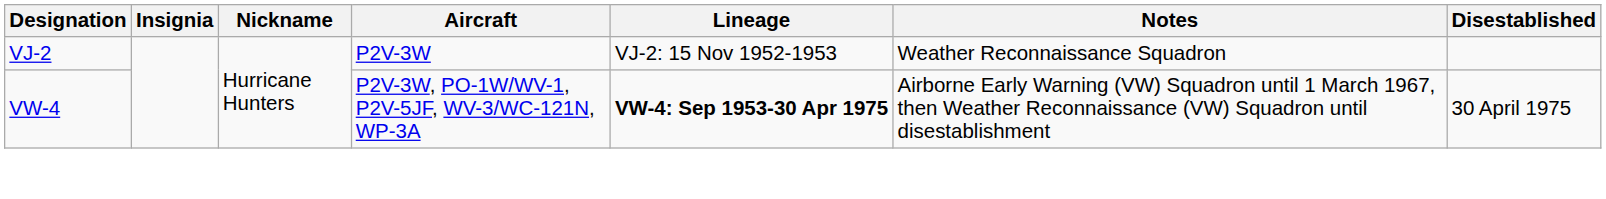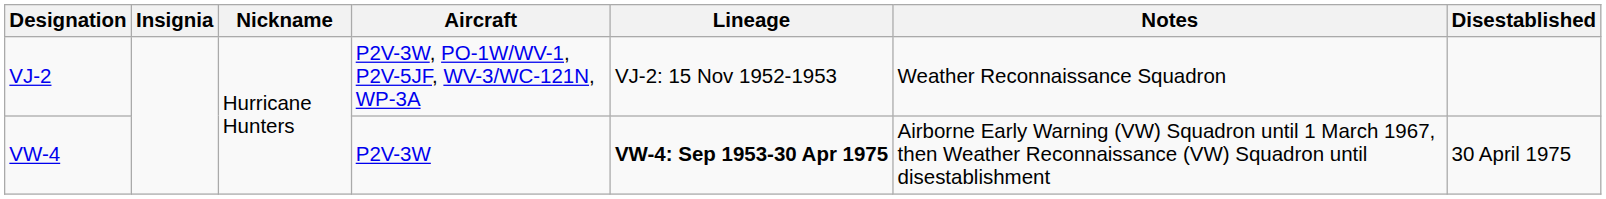 <table class="wikitable">
 <tr>
 <th>Designation</th>
 <th>Insignia</th>
 <th>Nickname</th>
 <th>Aircraft</th>
 <th>Lineage</th>
 <th>Notes</th>
 <th>Disestablished</th>
 </tr>
 <tr>
 <td><a href='#'>VJ-2</a></td>
 <td Rowspan="2"></td>
 <td Rowspan="2">Hurricane Hunters</td>
-<td><a href='#'>P2V-3W</a></td>
+<td><a href='#'>P2V-3W</a>, <a href='#'>PO-1W/WV-1</a>, <a href='#'>P2V-5JF</a>, <a href='#'>WV-3/WC-121N</a>, <a href='#'>WP-3A</a></td>
 <td style="white-space: nowrap;">VJ-2: 15 Nov 1952-1953</td>
 <td>Weather Reconnaissance Squadron</td>
 </tr>
 <tr>
 <td><a href='#'>VW-4</a></td>
-<td><a href='#'>P2V-3W</a>, <a href='#'>PO-1W/WV-1</a>, <a href='#'>P2V-5JF</a>, <a href='#'>WV-3/WC-121N</a>, <a href='#'>WP-3A</a></td>
+<td><a href='#'>P2V-3W</a></td>
 <td style="white-space: nowrap;"><strong>VW-4: Sep 1953-30 Apr 1975</strong></td>
 <td>Airborne Early Warning (VW) Squadron until 1 March 1967, then Weather Reconnaissance (VW) Squadron until disestablishment</td>
 <td>30 April 1975</td>
 </tr>
 </table>
